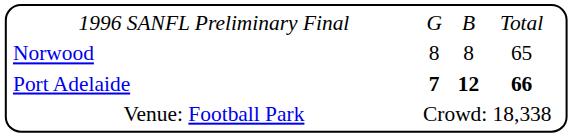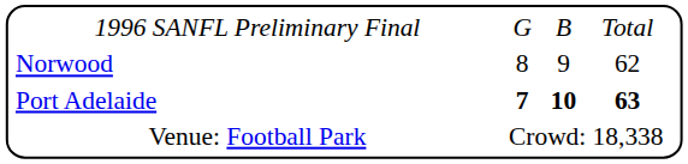 <table style="margin-right:4px; margin-top:8px; float:right; border:1px #000 solid; border-radius:8px; background:#fff; font-family:Verdana; font-size:8pt; text-align:center;">
 <tr>
 <td width=200><em>1996 SANFL Preliminary Final</em></td>
 <td><em>G</em></td>
 <td><em>B</em></td>
 <td><em>Total</em></td>
 </tr>
 <tr>
 <td style="text-align:left"><a href='#'>Norwood</a></td>
 <td>8</td>
-<td>8</td>
-<td>65</td>
+<td>9</td>
+<td>62</td>
 </tr>
 <tr>
 <td style="text-align:left"><a href='#'>Port Adelaide</a></td>
 <td><strong>7</strong></td>
-<td><strong>12</strong></td>
-<td><strong> 66</strong></td>
+<td><strong>10</strong></td>
+<td><strong> 63</strong></td>
 </tr>
 <tr>
 <td>Venue: <a href='#'>Football Park</a></td>
 <td colspan=3>Crowd: 18,338</td>
 <td colspan=3></td>
 </tr>
 </table>
